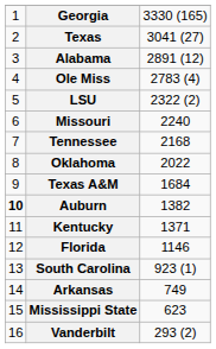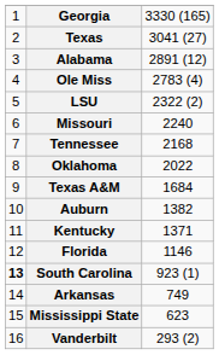 <table class="wikitable" style="display: inline-table;">
 <tr align="center">
 </tr>
 <tr align="center">
 <td>1</td>
 <th>Georgia</th>
 <td>3330 (165)</td>
 </tr>
 <tr align="center">
 <td>2</td>
 <th>Texas</th>
 <td>3041 (27)</td>
 </tr>
 <tr align="center">
 <td>3</td>
 <th>Alabama</th>
 <td>2891 (12)</td>
 </tr>
 <tr align="center">
 <td>4</td>
 <th>Ole Miss</th>
 <td>2783 (4)</td>
 </tr>
 <tr align="center">
 <td>5</td>
 <th>LSU</th>
 <td>2322 (2)</td>
 </tr>
 <tr align="center">
 <td>6</td>
 <th>Missouri</th>
 <td>2240</td>
 </tr>
 <tr align="center">
 <td>7</td>
 <th>Tennessee</th>
 <td>2168</td>
 </tr>
 <tr align="center">
 <td>8</td>
 <th>Oklahoma</th>
 <td>2022</td>
 </tr>
 <tr align="center">
 <td>9</td>
 <th>Texas A&M</th>
 <td>1684</td>
 </tr>
 <tr align="center">
-<td><strong>10</strong></td>
+<td>10</td>
 <th>Auburn</th>
 <td>1382</td>
 </tr>
 <tr align="center">
 <td>11</td>
 <th>Kentucky</th>
 <td>1371</td>
 </tr>
 <tr align="center">
 <td>12</td>
 <th>Florida</th>
 <td>1146</td>
 </tr>
 <tr align="center">
-<td>13</td>
+<td><strong>13</strong></td>
 <th>South Carolina</th>
 <td>923 (1)</td>
 </tr>
 <tr align="center">
 <td>14</td>
 <th>Arkansas</th>
 <td>749</td>
 </tr>
 <tr align="center">
 <td>15</td>
 <th>Mississippi State</th>
 <td>623</td>
 </tr>
 <tr align="center">
 <td>16</td>
 <th>Vanderbilt</th>
 <td>293 (2)</td>
 </tr>
 </table>
